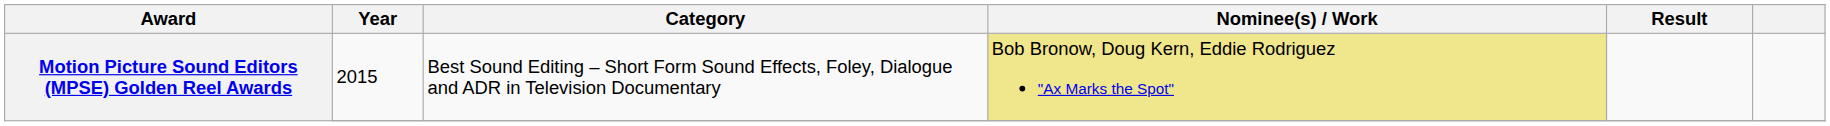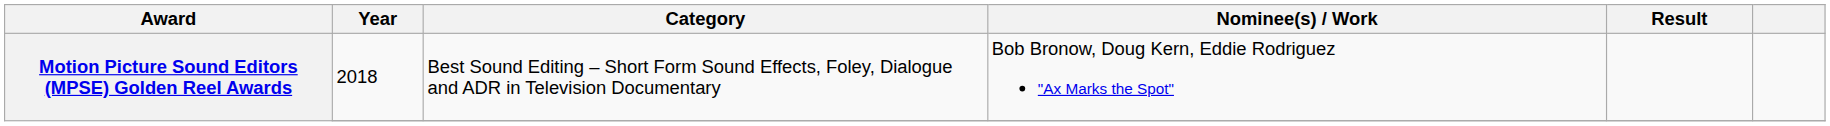 <table class="wikitable sortable plainrowheaders" style="width:100%;">
 <tr>
 <th scope="col" style="width:18%;">Award</th>
 <th scope="col" style="width:5%;">Year</th>
 <th scope="col" style="width:31%;">Category</th>
 <th scope="col" style="width:34%;">Nominee(s) / Work</th>
 <th scope="col" style="width:8%;">Result</th>
 <th scope="col" style="width:4%;" class="unsortable"></th>
 </tr>
 <tr>
 <th scope="row" rowspan="3"><a href='#'>Motion Picture Sound Editors (MPSE) Golden Reel Awards</a></th>
-<td>2015</td>
+<td>2018</td>
 <td>Best Sound Editing – Short Form Sound Effects, Foley, Dialogue and ADR in Television Documentary</td>
-<td style="background: khaki;">Bob Bronow, Doug Kern, Eddie Rodriguez<br><ul><li><small><a href='#'>"Ax Marks the Spot"</a></small></li></ul></td>
+<td>Bob Bronow, Doug Kern, Eddie Rodriguez<br><ul><li><small><a href='#'>"Ax Marks the Spot"</a></small></li></ul></td>
 <td></td>
 <td></td>
 </tr>
 <tr>
 </tr>
 </table>
